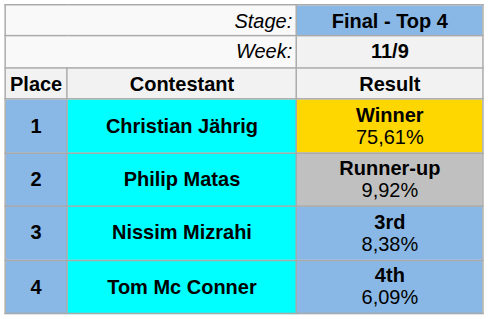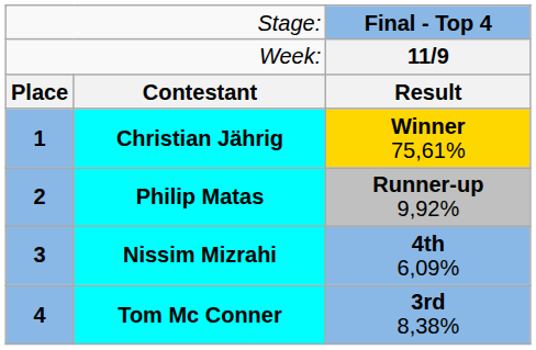 <table class="wikitable" style="margin:1em auto; text-align:center; font-size:85%">
 <tr>
 <td colspan="2" style="text-align:right;"><em>Stage:</em></td>
 <td colspan="2" style="background:#8ab8e6;"><strong>Final - Top 4</strong></td>
 </tr>
 <tr>
 <td colspan="2" style="text-align:right;"><em>Week:</em></td>
 <th style="width:120px;">11/9</th>
 </tr>
 <tr>
 <th style="width:35px;">Place</th>
 <th style="width:150px;">Contestant</th>
 <th colspan="7">Result</th>
 </tr>
 <tr>
 <td style="background:#8ab8e6;"><strong>1</strong></td>
 <td style="background:cyan;"><strong>Christian Jährig</strong></td>
 <td style="background:gold;"><strong>Winner</strong><br>75,61%</td>
 </tr>
 <tr>
 <td style="background:#8ab8e6;"><strong>2</strong></td>
 <td style="background:cyan;"><strong>Philip Matas</strong></td>
 <td style="background:silver;"><strong>Runner-up</strong><br>9,92%</td>
 </tr>
 <tr>
 <td style="background:#8ab8e6;"><strong>3</strong></td>
 <td style="background:cyan;"><strong>Nissim Mizrahi</strong></td>
-<td style="background:#8ab8e6;"><strong>3rd</strong><br>8,38%</td>
+<td style="background:#8ab8e6;"><strong>4th</strong><br>6,09%</td>
 </tr>
 <tr>
 <td style="background:#8ab8e6;"><strong>4</strong></td>
 <td style="background:cyan;"><strong>Tom Mc Conner</strong></td>
-<td style="background:#8ab8e6;"><strong>4th</strong><br>6,09%</td>
+<td style="background:#8ab8e6;"><strong>3rd</strong><br>8,38%</td>
 </tr>
 </table>
